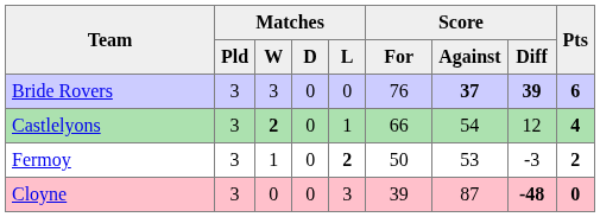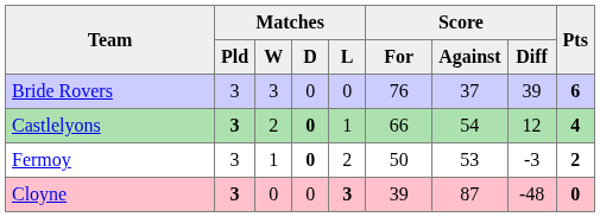 <table style=border-collapse:collapse border=1 cellspacing=0 cellpadding=5>
 <tr align=center bgcolor=#efefef>
 <th rowspan=2 width=165>Team</th>
 <th colspan=4>Matches</th>
 <th colspan=3>Score</th>
 <th rowspan=2width=20>Pts</th>
 </tr>
 <tr align=center bgcolor=#efefef>
 <th width=20>Pld</th>
 <th width=20>W</th>
 <th width=20>D</th>
 <th width=20>L</th>
 <th width=45>For</th>
 <th width=45>Against</th>
 <th width=30>Diff</th>
 </tr>
 <tr align=center style="background:#ccccff;">
 <td style="text-align:left;"><a href='#'>Bride Rovers</a></td>
 <td>3</td>
 <td>3</td>
 <td>0</td>
 <td>0</td>
 <td>76</td>
-<td><strong>37</strong></td>
-<td><strong>39</strong></td>
+<td>37</td>
+<td>39</td>
 <td><strong>6</strong></td>
 </tr>
 <tr align=center style="background:#ACE1AF;">
 <td style="text-align:left;"><a href='#'>Castlelyons</a></td>
-<td>3</td>
-<td><strong>2</strong></td>
-<td>0</td>
+<td><strong>3</strong></td>
+<td>2</td>
+<td><strong>0</strong></td>
 <td>1</td>
 <td>66</td>
 <td>54</td>
 <td>12</td>
 <td><strong>4</strong></td>
 </tr>
 <tr align=center>
 <td style="text-align:left;"><a href='#'>Fermoy</a></td>
 <td>3</td>
 <td>1</td>
-<td>0</td>
-<td><strong>2</strong></td>
+<td><strong>0</strong></td>
+<td>2</td>
 <td>50</td>
 <td>53</td>
 <td>-3</td>
 <td><strong>2</strong></td>
 </tr>
 <tr align=center style="background:#FFC0CB;">
 <td style="text-align:left;"><a href='#'>Cloyne</a></td>
-<td>3</td>
+<td><strong>3</strong></td>
 <td>0</td>
 <td>0</td>
-<td>3</td>
+<td><strong>3</strong></td>
 <td>39</td>
 <td>87</td>
-<td><strong>-48</strong></td>
+<td>-48</td>
 <td><strong>0</strong></td>
 </tr>
 </table>
